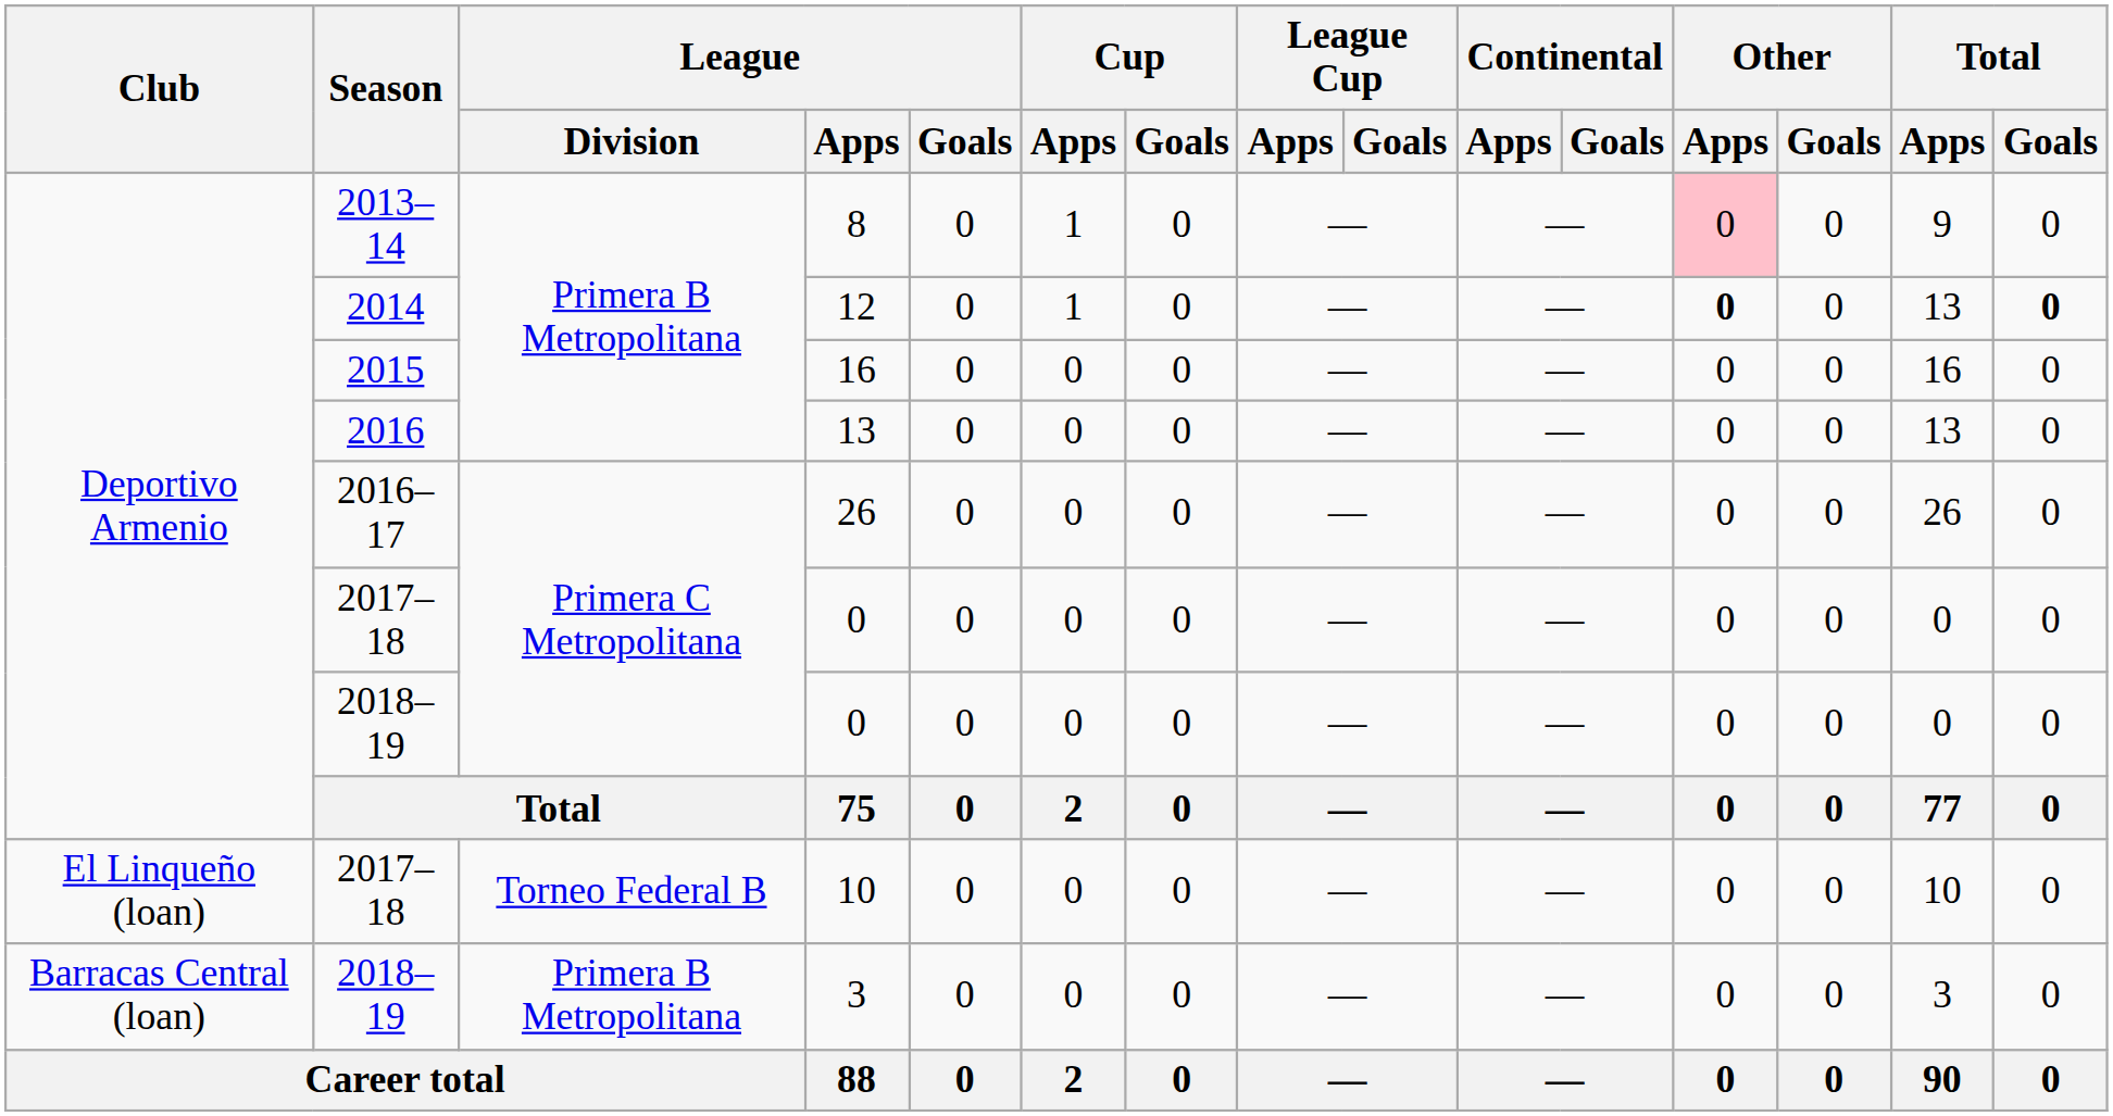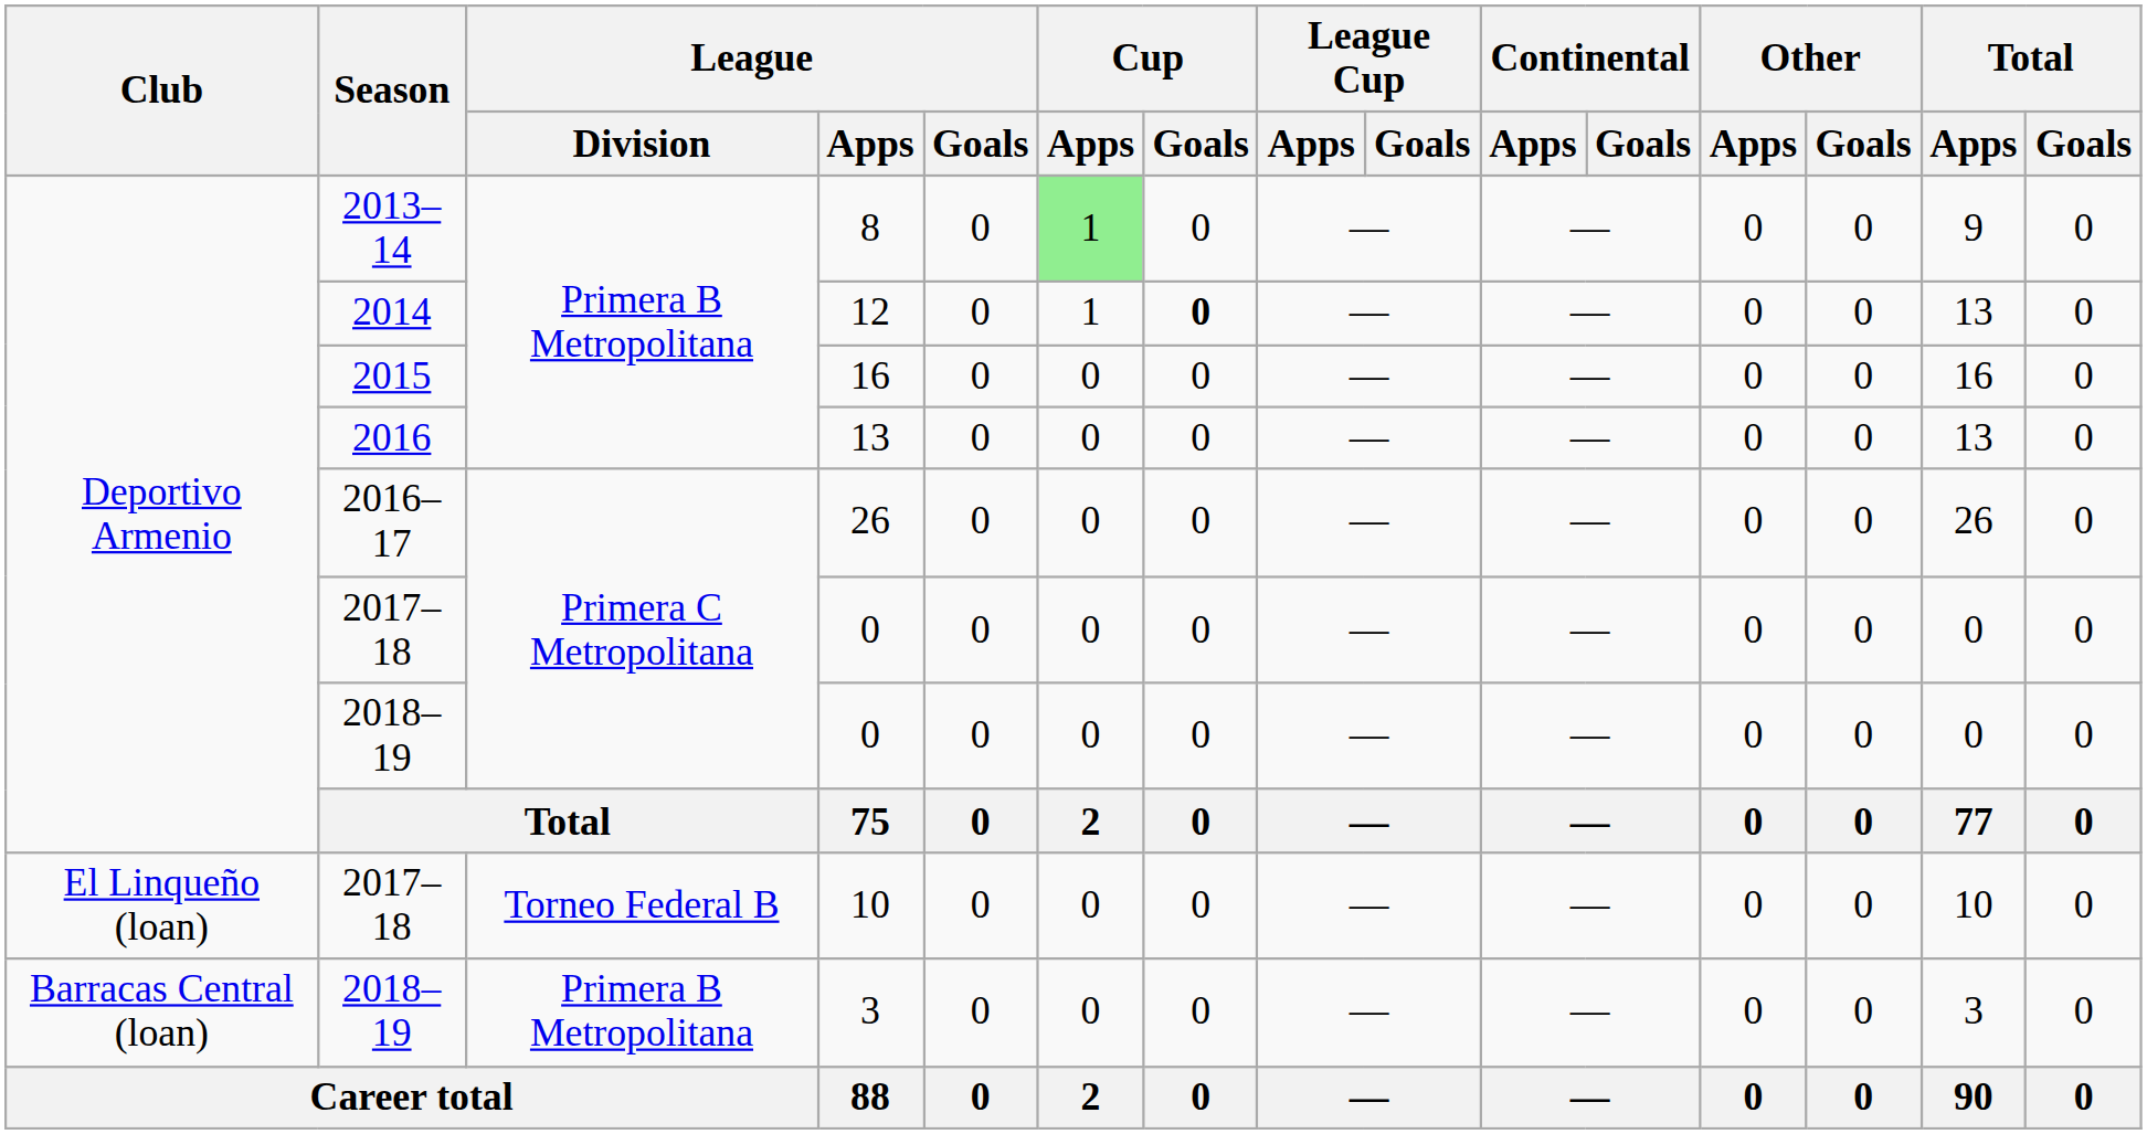 <table class="wikitable" style="text-align:center">
 <tr>
 <th rowspan="2">Club</th>
 <th rowspan="2">Season</th>
 <th colspan="3">League</th>
 <th colspan="2">Cup</th>
 <th colspan="2">League Cup</th>
 <th colspan="2">Continental</th>
 <th colspan="2">Other</th>
 <th colspan="2">Total</th>
 </tr>
 <tr>
 <th>Division</th>
 <th>Apps</th>
 <th>Goals</th>
 <th>Apps</th>
 <th>Goals</th>
 <th>Apps</th>
 <th>Goals</th>
 <th>Apps</th>
 <th>Goals</th>
 <th>Apps</th>
 <th>Goals</th>
 <th>Apps</th>
 <th>Goals</th>
 </tr>
 <tr>
 <td rowspan="8"><a href='#'>Deportivo Armenio</a></td>
 <td><a href='#'>2013–14</a></td>
 <td rowspan="4"><a href='#'>Primera B Metropolitana</a></td>
 <td>8</td>
 <td>0</td>
-<td>1</td>
+<td style="background: lightgreen;">1</td>
 <td>0</td>
 <td colspan="2">—</td>
 <td colspan="2">—</td>
-<td style="background: pink;">0</td>
+<td>0</td>
 <td>0</td>
 <td>9</td>
 <td>0</td>
 </tr>
 <tr>
 <td><a href='#'>2014</a></td>
 <td>12</td>
 <td>0</td>
 <td>1</td>
-<td>0</td>
+<td><strong>0</strong></td>
 <td colspan="2">—</td>
 <td colspan="2">—</td>
-<td><strong>0</strong></td>
+<td>0</td>
 <td>0</td>
 <td>13</td>
-<td><strong>0</strong></td>
+<td>0</td>
 </tr>
 <tr>
 <td><a href='#'>2015</a></td>
 <td>16</td>
 <td>0</td>
 <td>0</td>
 <td>0</td>
 <td colspan="2">—</td>
 <td colspan="2">—</td>
 <td>0</td>
 <td>0</td>
 <td>16</td>
 <td>0</td>
 </tr>
 <tr>
 <td><a href='#'>2016</a></td>
 <td>13</td>
 <td>0</td>
 <td>0</td>
 <td>0</td>
 <td colspan="2">—</td>
 <td colspan="2">—</td>
 <td>0</td>
 <td>0</td>
 <td>13</td>
 <td>0</td>
 </tr>
 <tr>
 <td>2016–17</td>
 <td rowspan="3"><a href='#'>Primera C Metropolitana</a></td>
 <td>26</td>
 <td>0</td>
 <td>0</td>
 <td>0</td>
 <td colspan="2">—</td>
 <td colspan="2">—</td>
 <td>0</td>
 <td>0</td>
 <td>26</td>
 <td>0</td>
 </tr>
 <tr>
 <td>2017–18</td>
 <td>0</td>
 <td>0</td>
 <td>0</td>
 <td>0</td>
 <td colspan="2">—</td>
 <td colspan="2">—</td>
 <td>0</td>
 <td>0</td>
 <td>0</td>
 <td>0</td>
 </tr>
 <tr>
 <td>2018–19</td>
 <td>0</td>
 <td>0</td>
 <td>0</td>
 <td>0</td>
 <td colspan="2">—</td>
 <td colspan="2">—</td>
 <td>0</td>
 <td>0</td>
 <td>0</td>
 <td>0</td>
 </tr>
 <tr>
 <th colspan="2">Total</th>
 <th>75</th>
 <th>0</th>
 <th>2</th>
 <th>0</th>
 <th colspan="2">—</th>
 <th colspan="2">—</th>
 <th>0</th>
 <th>0</th>
 <th>77</th>
 <th>0</th>
 </tr>
 <tr>
 <td rowspan="1"><a href='#'>El Linqueño</a> (loan)</td>
 <td>2017–18</td>
 <td rowspan="1"><a href='#'>Torneo Federal B</a></td>
 <td>10</td>
 <td>0</td>
 <td>0</td>
 <td>0</td>
 <td colspan="2">—</td>
 <td colspan="2">—</td>
 <td>0</td>
 <td>0</td>
 <td>10</td>
 <td>0</td>
 </tr>
 <tr>
 <td rowspan="1"><a href='#'>Barracas Central</a> (loan)</td>
 <td><a href='#'>2018–19</a></td>
 <td rowspan="1"><a href='#'>Primera B Metropolitana</a></td>
 <td>3</td>
 <td>0</td>
 <td>0</td>
 <td>0</td>
 <td colspan="2">—</td>
 <td colspan="2">—</td>
 <td>0</td>
 <td>0</td>
 <td>3</td>
 <td>0</td>
 </tr>
 <tr>
 <th colspan="3">Career total</th>
 <th>88</th>
 <th>0</th>
 <th>2</th>
 <th>0</th>
 <th colspan="2">—</th>
 <th colspan="2">—</th>
 <th>0</th>
 <th>0</th>
 <th>90</th>
 <th>0</th>
 </tr>
 </table>
